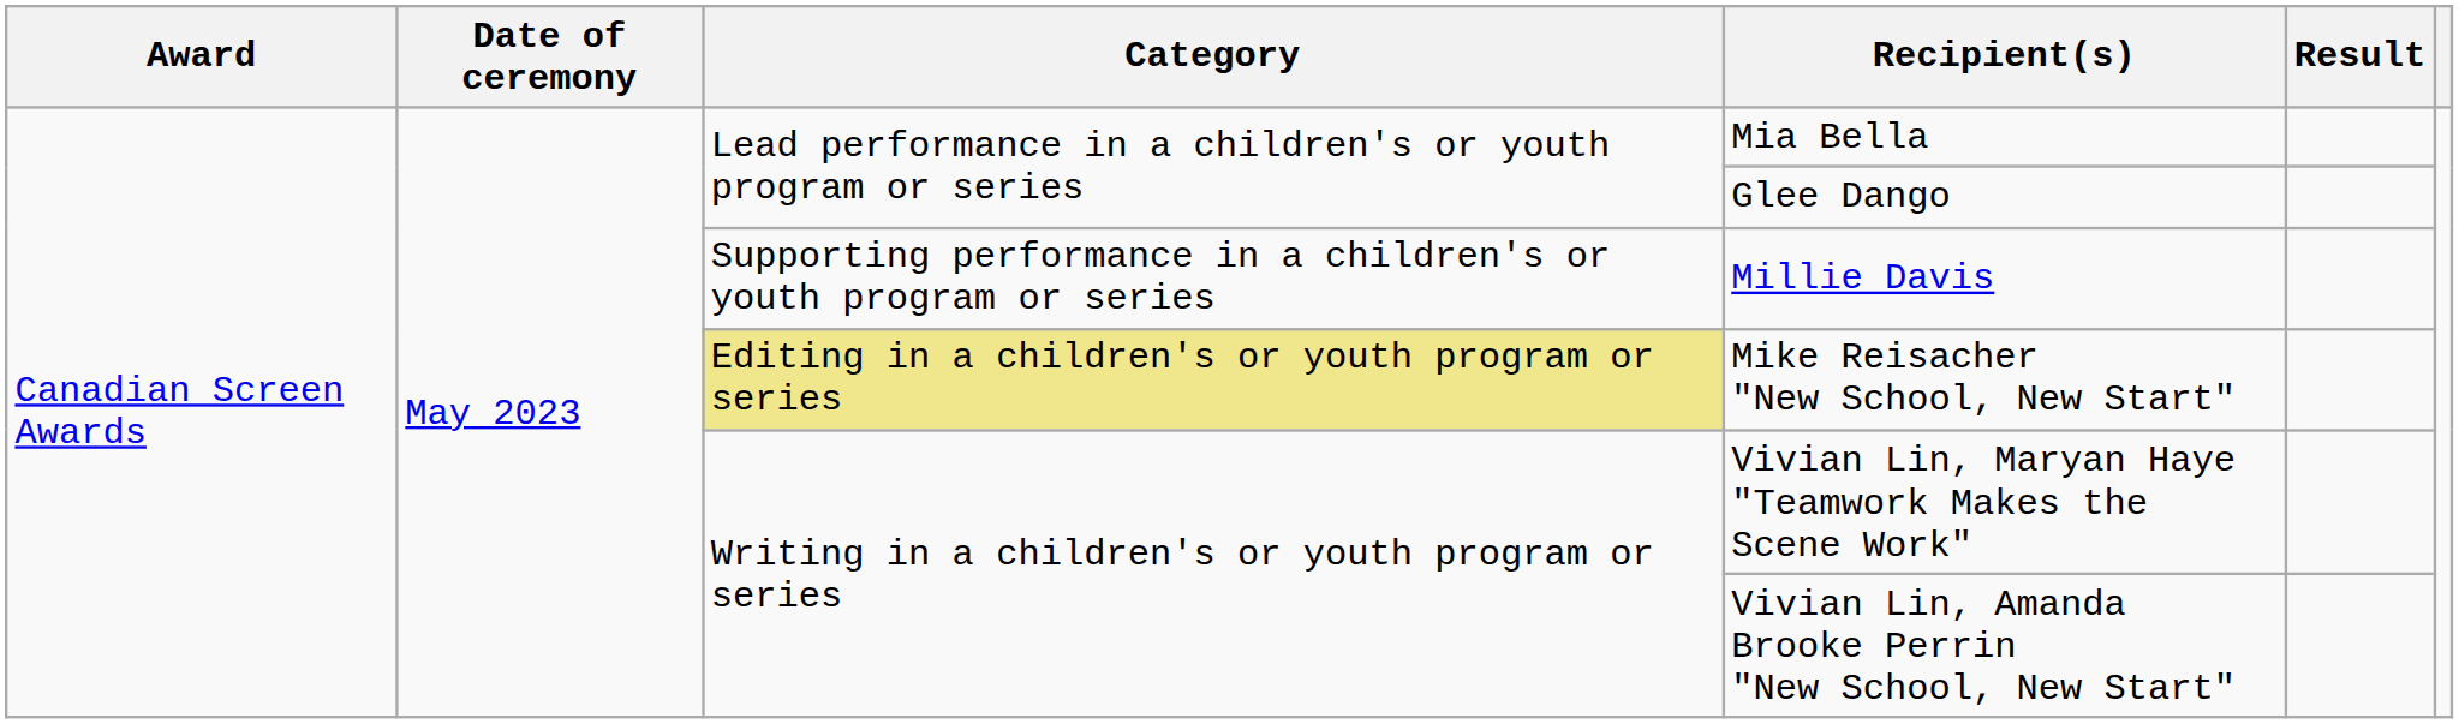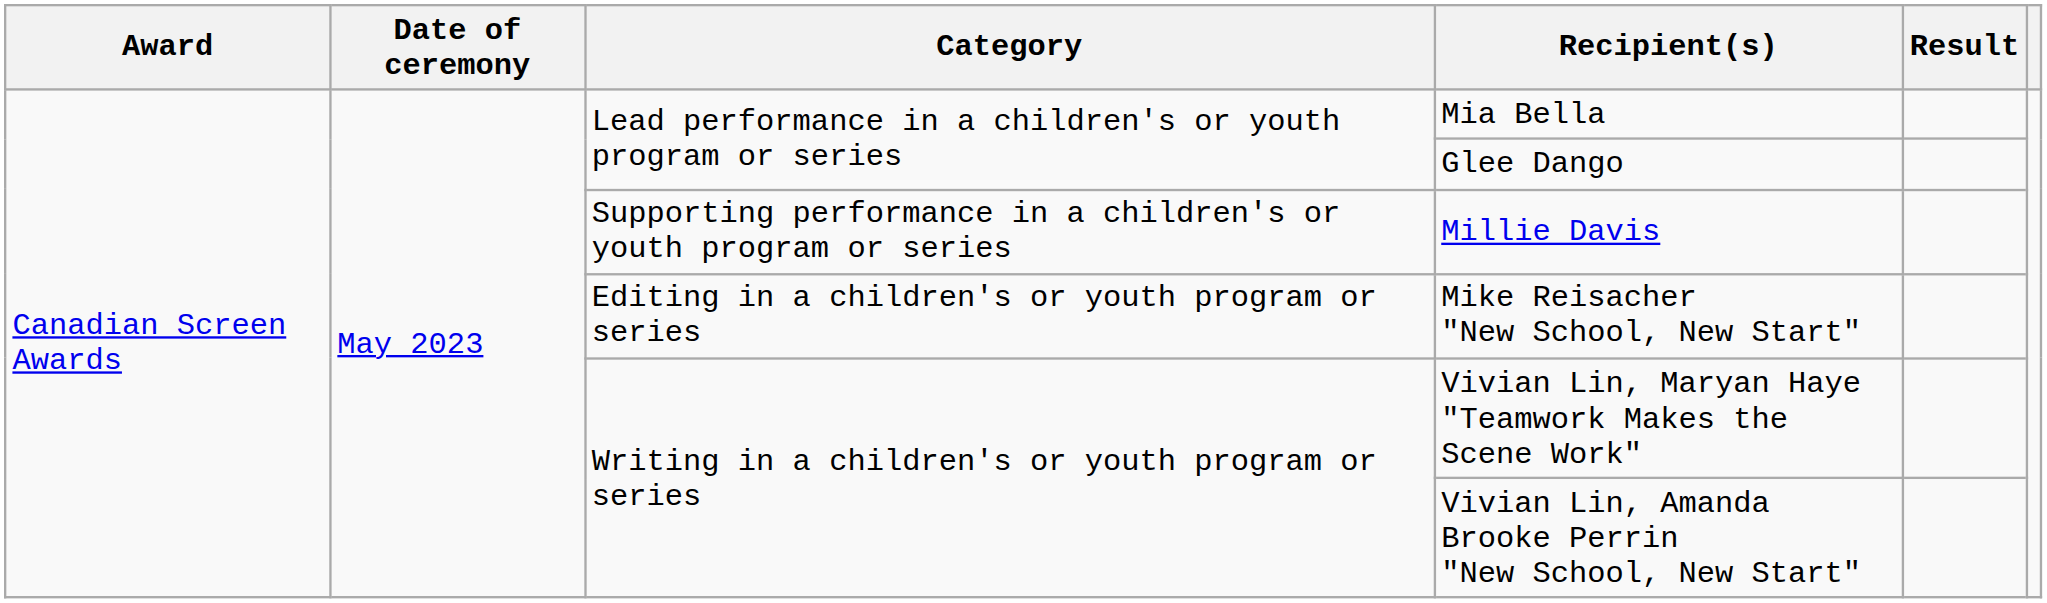 <table class="wikitable plainrowheaders sortable">
 <tr>
 <th scope="col">Award</th>
 <th scope="col">Date of ceremony</th>
 <th scope="col">Category</th>
 <th scope="col">Recipient(s)</th>
 <th scope="col">Result</th>
 <th scope="col" class="unsortable"></th>
 </tr>
 <tr>
 <td rowspan=6><a href='#'>Canadian Screen Awards</a></td>
 <td rowspan=6><a href='#'>May 2023</a></td>
 <td rowspan=2>Lead performance in a children's or youth program or series</td>
 <td>Mia Bella</td>
 <td></td>
 <td rowspan=6></td>
 </tr>
 <tr>
 <td>Glee Dango</td>
 <td></td>
 </tr>
 <tr>
 <td>Supporting performance in a children's or youth program or series</td>
 <td><a href='#'>Millie Davis</a></td>
 <td></td>
 </tr>
 <tr>
-<td style="background: khaki;">Editing in a children's or youth program or series</td>
+<td>Editing in a children's or youth program or series</td>
 <td>Mike Reisacher<br>"New School, New Start"</td>
 <td></td>
 </tr>
 <tr>
 <td rowspan=2>Writing in a children's or youth program or series</td>
 <td>Vivian Lin, Maryan Haye<br>"Teamwork Makes the Scene Work"</td>
 <td></td>
 </tr>
 <tr>
 <td>Vivian Lin, Amanda Brooke Perrin<br>"New School, New Start"</td>
 <td></td>
 </tr>
 </table>
